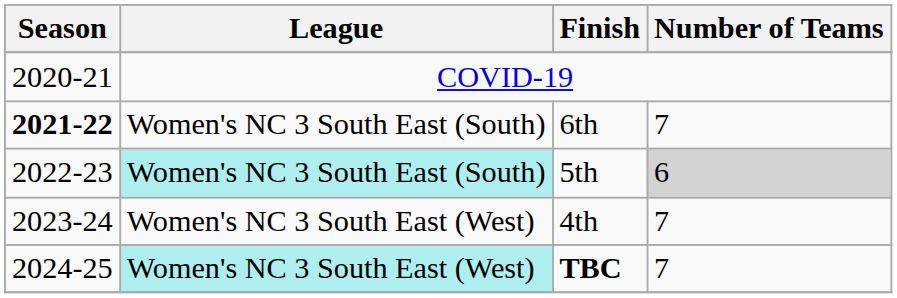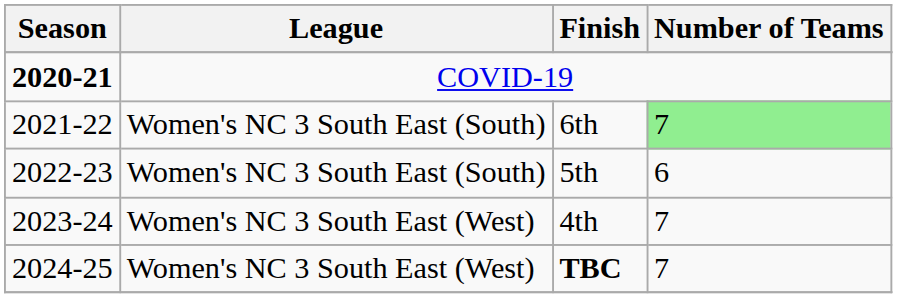 <table class="wikitable sortable">
 <tr>
 <th>Season</th>
 <th>League</th>
 <th>Finish</th>
 <th>Number of Teams</th>
 </tr>
 <tr>
 </tr>
 <tr>
-<td>2020-21</td>
+<td><strong>2020-21</strong></td>
 <td align=center colspan="7"><a href='#'>COVID-19</a></td>
 </tr>
 <tr>
-<td><strong>2021-22</strong></td>
+<td>2021-22</td>
 <td>Women's NC 3 South East (South)</td>
 <td>6th</td>
-<td>7</td>
+<td style="background: lightgreen;">7</td>
 </tr>
 <tr>
 <td>2022-23</td>
-<td style="background: paleturquoise;">Women's NC 3 South East (South)</td>
+<td>Women's NC 3 South East (South)</td>
 <td>5th</td>
-<td style="background: lightgrey;">6</td>
+<td>6</td>
 </tr>
 <tr>
 <td>2023-24</td>
 <td>Women's NC 3 South East (West)</td>
 <td>4th</td>
 <td>7</td>
 </tr>
 <tr>
 <td>2024-25</td>
-<td style="background: paleturquoise;">Women's NC 3 South East (West)</td>
+<td>Women's NC 3 South East (West)</td>
 <td><strong>TBC</strong></td>
 <td>7</td>
 </tr>
 <tr>
 </tr>
 </table>
